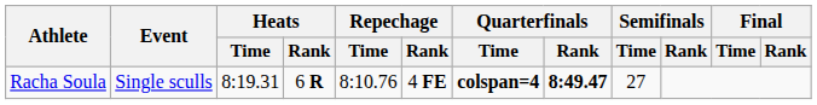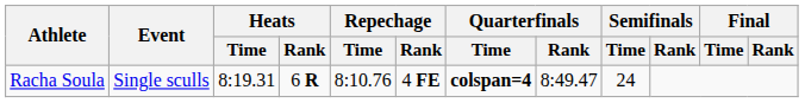 <table class="wikitable" style="font-size:90%">
 <tr>
 <th rowspan="2">Athlete</th>
 <th rowspan="2">Event</th>
 <th colspan="2">Heats</th>
 <th colspan="2">Repechage</th>
 <th colspan="2">Quarterfinals</th>
 <th colspan="2">Semifinals</th>
 <th colspan="2">Final</th>
 </tr>
 <tr style="font-size:95%">
 <th>Time</th>
 <th>Rank</th>
 <th>Time</th>
 <th>Rank</th>
 <th>Time</th>
 <th>Rank</th>
 <th>Time</th>
 <th>Rank</th>
 <th>Time</th>
 <th>Rank</th>
 </tr>
 <tr align=center>
 <td align=left><a href='#'>Racha Soula</a></td>
 <td align=left><a href='#'>Single sculls</a></td>
 <td>8:19.31</td>
 <td>6 <strong>R</strong></td>
 <td>8:10.76</td>
 <td>4 <strong>FE</strong></td>
 <td><strong>colspan=4 </strong></td>
-<td><strong>8:49.47</strong></td>
-<td>27</td>
+<td>8:49.47</td>
+<td>24</td>
 </tr>
 </table>
